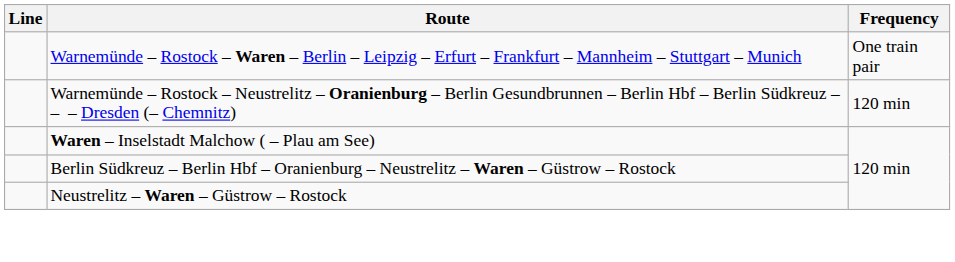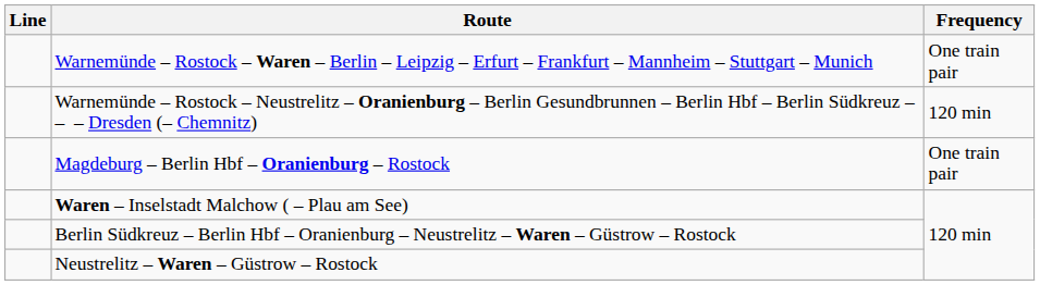 <table class="wikitable">
 <tr>
 <th>Line</th>
 <th>Route</th>
 <th>Frequency</th>
 </tr>
 <tr>
 <td></td>
 <td><a href='#'>Warnemünde</a> – <a href='#'>Rostock</a> – <strong>Waren</strong> – <a href='#'>Berlin</a> – <a href='#'>Leipzig</a> – <a href='#'>Erfurt</a> – <a href='#'>Frankfurt</a> – <a href='#'>Mannheim</a> – <a href='#'>Stuttgart</a> – <a href='#'>Munich</a></td>
 <td>One train pair</td>
 </tr>
 <tr>
 <td></td>
 <td>Warnemünde – Rostock – Neustrelitz – <strong>Oranienburg</strong> – Berlin Gesundbrunnen – Berlin Hbf – Berlin Südkreuz –  –  – <a href='#'>Dresden</a> (– <a href='#'>Chemnitz</a>)</td>
 <td>120 min</td>
 </tr>
 <tr>
 <td></td>
+<td><a href='#'>Magdeburg</a> – Berlin Hbf – <a href='#'><strong>Oranienburg</strong></a> – <a href='#'>Rostock</a></td>
+<td>One train pair</td>
+</tr>
+<tr>
+<td></td>
 <td><strong>Waren</strong> – Inselstadt Malchow ( – Plau am See)</td>
 <td rowspan="3">120 min</td>
 </tr>
 <tr>
 <td></td>
 <td>Berlin Südkreuz – Berlin Hbf – Oranienburg – Neustrelitz – <strong>Waren</strong> – Güstrow – Rostock</td>
 </tr>
 <tr>
 <td></td>
 <td>Neustrelitz – <strong>Waren</strong> – Güstrow – Rostock</td>
 </tr>
 </table>
